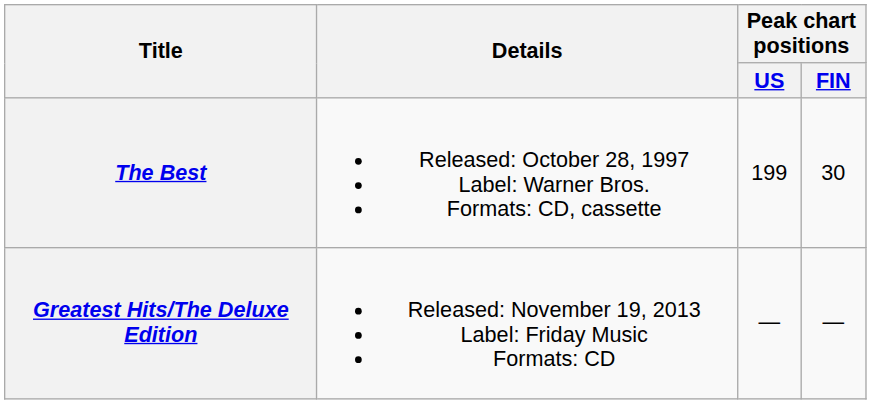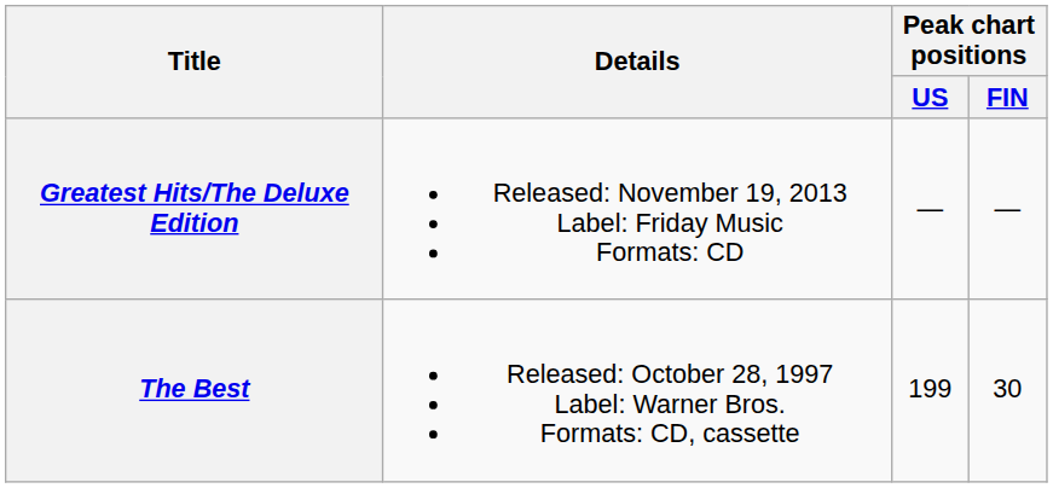 <table class="wikitable plainrowheaders" style="text-align:center;">
 <tr>
 <th rowspan="2" style="width:14em;">Title</th>
 <th rowspan="2" style="width:19em;">Details</th>
 <th colspan="2">Peak chart<br>positions</th>
 </tr>
 <tr>
 <th width="40"><a href='#'>US</a><br></th>
 <th width="40"><a href='#'>FIN</a><br></th>
 </tr>
 <tr>
+<th scope="row"><em><a href='#'>Greatest Hits/The Deluxe Edition</a></em></th>
+<td><br><ul><li>Released: November 19, 2013</li><li>Label: Friday Music</li><li>Formats: CD</li></ul></td>
+<td>—</td>
+<td>—</td>
+</tr>
+<tr>
 <th scope="row"><em><a href='#'>The Best</a></em></th>
 <td><br><ul><li>Released: October 28, 1997</li><li>Label: Warner Bros.</li><li>Formats: CD, cassette</li></ul></td>
 <td>199</td>
 <td>30</td>
 </tr>
-<tr>
-<th scope="row"><em><a href='#'>Greatest Hits/The Deluxe Edition</a></em></th>
-<td><br><ul><li>Released: November 19, 2013</li><li>Label: Friday Music</li><li>Formats: CD</li></ul></td>
-<td>—</td>
-<td>—</td>
-</tr>
 </table>
